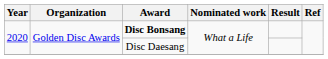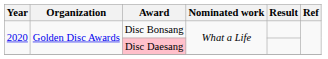 <table class="sortable wikitable">
 <tr>
 <th>Year</th>
 <th>Organization</th>
 <th>Award</th>
 <th>Nominated work</th>
 <th>Result</th>
 <th>Ref</th>
 </tr>
 <tr>
 <td align="center" rowspan="2"><a href='#'>2020</a></td>
 <td align="center" rowspan="2"><a href='#'>Golden Disc Awards</a></td>
-<td align="center"><strong>Disc Bonsang</strong></td>
+<td align="center">Disc Bonsang</td>
 <td align="center" rowspan="2"><em>What a Life</em></td>
 <td></td>
 <td align="center" rowspan="2"></td>
 </tr>
 <tr>
-<td align="center">Disc Daesang</td>
+<td align="center" style="background: pink;">Disc Daesang</td>
 <td></td>
 </tr>
 <tr>
 </tr>
 </table>
